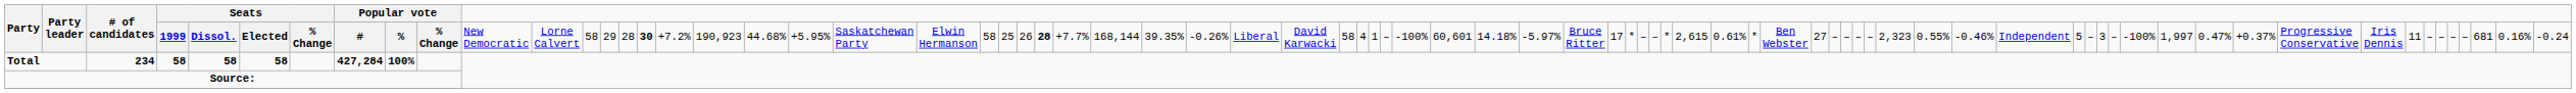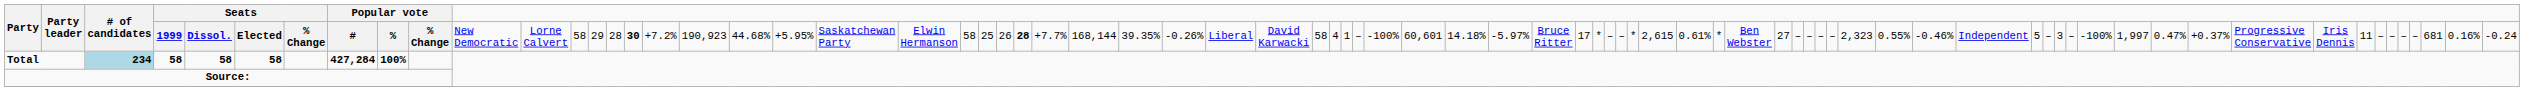 <table class="wikitable">
 <tr>
 <th rowspan=2 colspan=2>Party</th>
 <th rowspan=2>Party leader</th>
 <th rowspan=2># of<br>candidates</th>
 <th colspan=4>Seats</th>
 <th colspan=3>Popular vote</th>
 </tr>
 <tr>
 <th><a href='#'>1999</a></th>
 <th><a href='#'><span>Dissol.</span></a></th>
 <th>Elected</th>
 <th>% Change</th>
 <th>#</th>
 <th>%</th>
 <th>% Change<br></th>
 <td><a href='#'>New Democratic</a></td>
 <td align="center"><a href='#'>Lorne Calvert</a></td>
 <td align="right">58</td>
 <td align="right">29</td>
 <td align="right">28</td>
 <td align="right"><strong>30</strong></td>
 <td align="right">+7.2%</td>
 <td align="right">190,923</td>
 <td align="right">44.68%</td>
 <td align="right">+5.95%<br></td>
 <td><a href='#'>Saskatchewan Party</a></td>
 <td align="center"><a href='#'>Elwin Hermanson</a></td>
 <td align="right">58</td>
 <td align="right">25</td>
 <td align="right">26</td>
 <td align="right"><strong>28</strong></td>
 <td align="right">+7.7%</td>
 <td align="right">168,144</td>
 <td align="right">39.35%</td>
 <td align="right">-0.26%<br></td>
 <td><a href='#'>Liberal</a></td>
 <td align="center"><a href='#'>David Karwacki</a></td>
 <td align="right">58</td>
 <td align="right">4</td>
 <td align="right">1</td>
 <td align="right">–</td>
 <td align="right">-100%</td>
 <td align="right">60,601</td>
 <td align="right">14.18%</td>
 <td align="right">-5.97%<br></td>
 <td align="center"><a href='#'>Bruce Ritter</a></td>
 <td align="right">17</td>
 <td align="right">*</td>
 <td align="right">–</td>
 <td align="right">–</td>
 <td align="right">*</td>
 <td align="right">2,615</td>
 <td align="right">0.61%</td>
 <td align="right">*<br></td>
 <td align="center"><a href='#'>Ben Webster</a></td>
 <td align="right">27</td>
 <td align="right">–</td>
 <td align="right">–</td>
 <td align="right">–</td>
 <td align="right">–</td>
 <td align="right">2,323</td>
 <td align="right">0.55%</td>
 <td align="right">-0.46%<br></td>
 <td colspan=2><a href='#'>Independent</a></td>
 <td align="right">5</td>
 <td align="right">–</td>
 <td align="right">3</td>
 <td align="right">–</td>
 <td align="right">-100%</td>
 <td align="right">1,997</td>
 <td align="right">0.47%</td>
 <td align="right">+0.37%<br></td>
 <td><a href='#'>Progressive Conservative</a></td>
 <td align="center"><a href='#'>Iris Dennis</a></td>
 <td align="right">11</td>
 <td align="right">–</td>
 <td align="right">–</td>
 <td align="right">–</td>
 <td align="right">–</td>
 <td align="right">681</td>
 <td align="right">0.16%</td>
 <td align="right">-0.24</td>
 </tr>
 <tr>
 <td colspan=3><strong>Total</strong></td>
-<td align="right"><strong>234</strong></td>
+<td align="right" style="background: lightblue;"><strong>234</strong></td>
 <td align="right"><strong>58</strong></td>
 <td align="right"><strong>58</strong></td>
 <td align="right"><strong>58</strong></td>
 <td align="right"> </td>
 <td align="right"><strong>427,284</strong></td>
 <td align="right"><strong>100%</strong></td>
 <td align="right"> </td>
 </tr>
 <tr>
 <td align="center" colspan=11><strong>Source:</strong> </td>
 </tr>
 <tr>
 </tr>
 </table>
